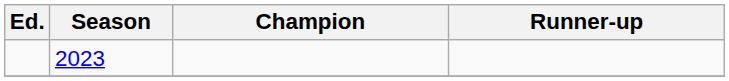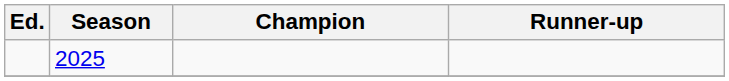 <table class="wikitable sortable">
 <tr>
 <th width=px>Ed.</th>
 <th width="80">Season</th>
 <th width="190">Champion</th>
 <th width="190">Runner-up</th>
 </tr>
 <tr>
 <td></td>
-<td><a href='#'>2023</a></td>
+<td><a href='#'>2025</a></td>
 <td></td>
 <td></td>
 </tr>
 <tr>
 </tr>
 </table>
